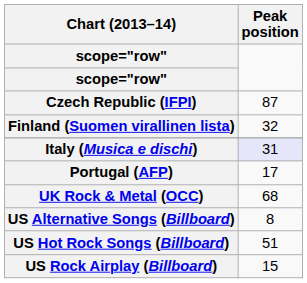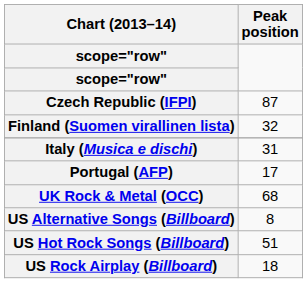 <table class="wikitable sortable plainrowheaders" style="text-align:center">
 <tr>
 <th scope="col">Chart (2013–14)</th>
 <th scope="col">Peak<br>position</th>
 </tr>
 <tr>
 <th>scope="row" </th>
 </tr>
 <tr>
 <th>scope="row" </th>
 </tr>
 <tr>
 <th scope="row">Czech Republic (<a href='#'>IFPI</a>)</th>
 <td>87</td>
 </tr>
 <tr>
 <th scope="row">Finland (<a href='#'>Suomen virallinen lista</a>)</th>
 <td>32</td>
 </tr>
 <tr>
 </tr>
 <tr>
 <th scope="row">Italy (<em><a href='#'>Musica e dischi</a></em>)</th>
-<td style="background: lavender;">31</td>
+<td>31</td>
 </tr>
 <tr>
 <th scope="row">Portugal (<a href='#'>AFP</a>)</th>
 <td>17</td>
 </tr>
 <tr>
 <th scope="row"><a href='#'>UK Rock & Metal</a> (<a href='#'>OCC</a>)</th>
 <td>68</td>
 </tr>
 <tr>
 <th scope="row">US <a href='#'>Alternative Songs</a> (<em><a href='#'>Billboard</a></em>)</th>
 <td>8</td>
 </tr>
 <tr>
 <th scope="row">US <a href='#'>Hot Rock Songs</a> (<em><a href='#'>Billboard</a></em>)</th>
 <td>51</td>
 </tr>
 <tr>
 <th scope="row">US <a href='#'>Rock Airplay</a> (<em><a href='#'>Billboard</a></em>)</th>
-<td>15</td>
+<td>18</td>
 </tr>
 </table>
